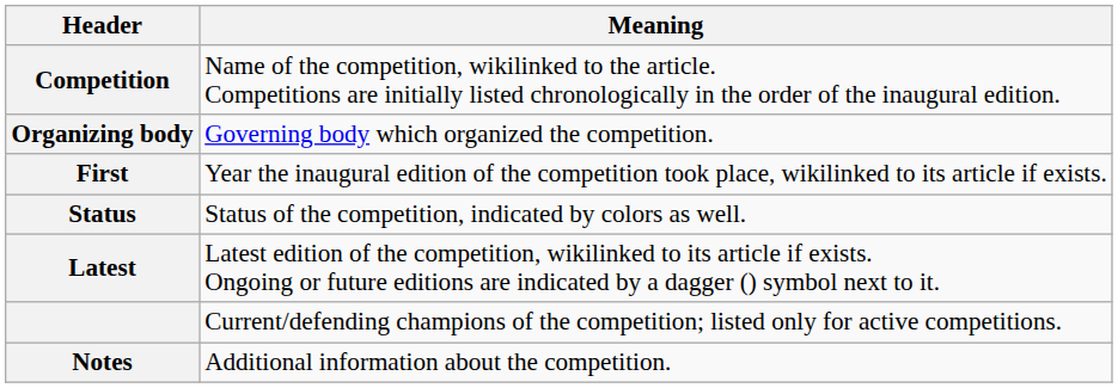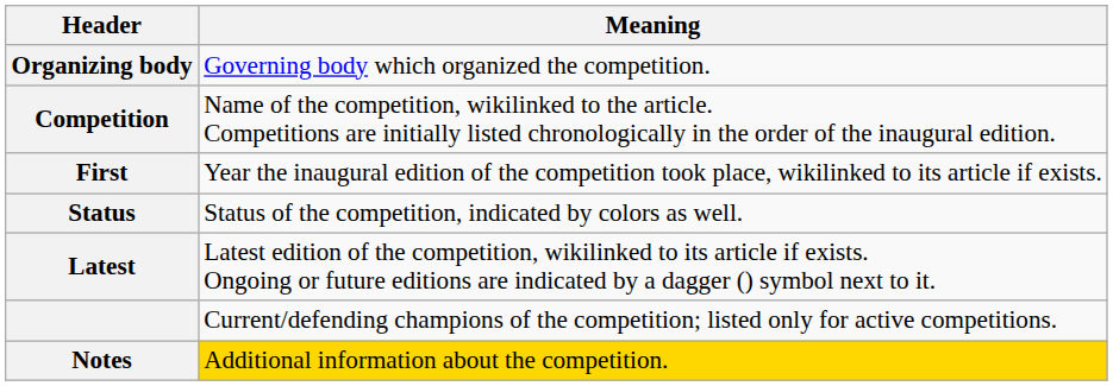 <table class="wikitable plainrowheaders">
 <tr>
 <th scope="col">Header</th>
 <th scope="col">Meaning</th>
 </tr>
 <tr>
+<th scope="row">Organizing body</th>
+<td><a href='#'>Governing body</a> which organized the competition.</td>
+</tr>
+<tr>
 <th scope="row">Competition</th>
 <td>Name of the competition, wikilinked to the article.<br>Competitions are initially listed chronologically in the order of the inaugural edition.</td>
-</tr>
-<tr>
-<th scope="row">Organizing body</th>
-<td><a href='#'>Governing body</a> which organized the competition.</td>
 </tr>
 <tr>
 <th scope="row">First</th>
 <td>Year the inaugural edition of the competition took place, wikilinked to its article if exists.</td>
 </tr>
 <tr>
 <th scope="row">Status</th>
 <td>Status of the competition, indicated by colors as well.<br> </td>
 </tr>
 <tr>
 <th scope="row">Latest</th>
 <td>Latest edition of the competition, wikilinked to its article if exists.<br>Ongoing or future editions are indicated by a dagger () symbol next to it.</td>
 </tr>
 <tr>
 <th scope="row"></th>
 <td>Current/defending champions of the competition; listed only for active competitions.</td>
 </tr>
 <tr>
 <th scope="row">Notes</th>
-<td>Additional information about the competition.</td>
+<td style="background: gold;">Additional information about the competition.</td>
 </tr>
 </table>
